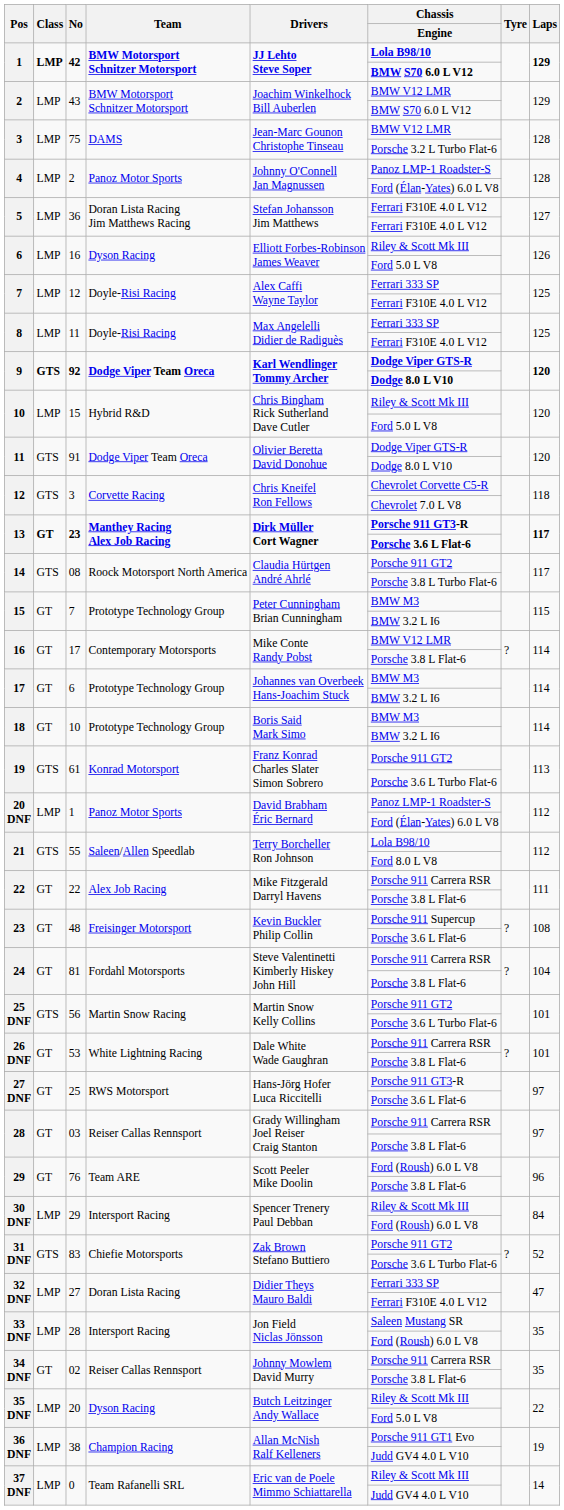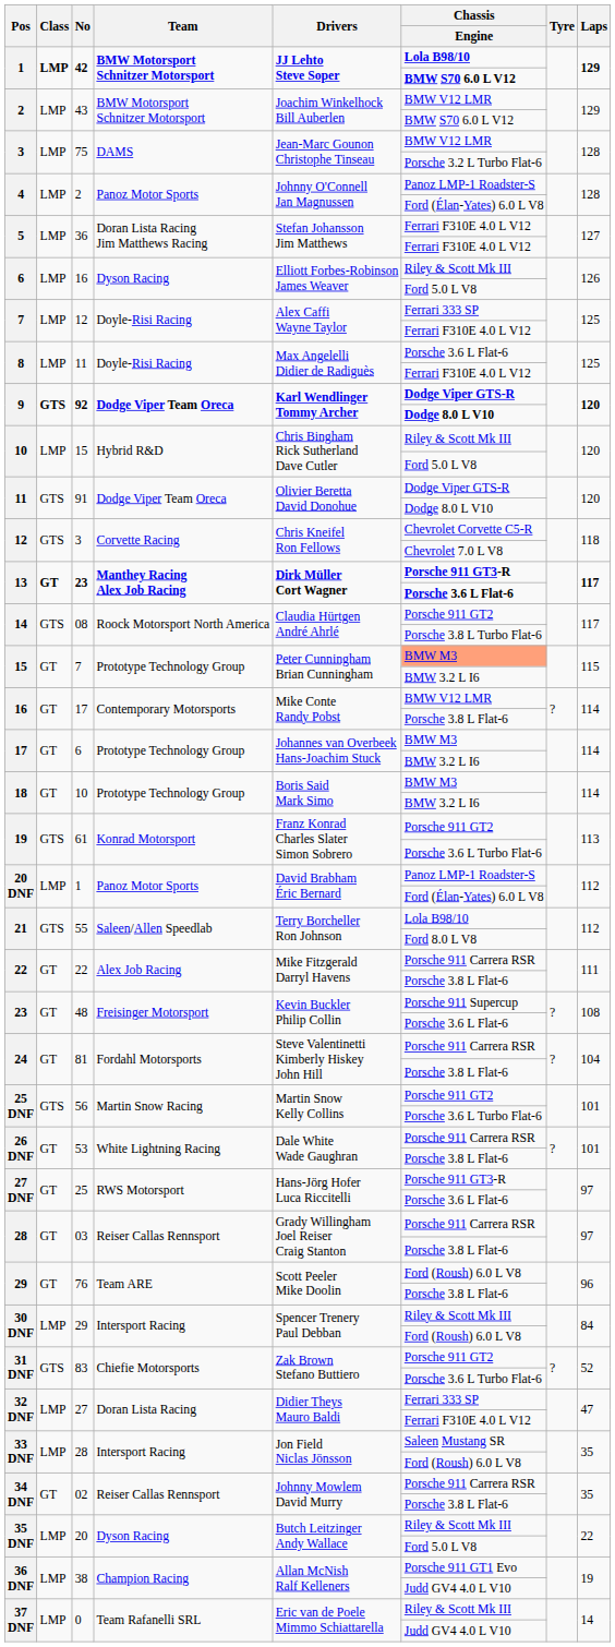 <table class="wikitable" style="font-size: 95%;">
 <tr>
 <th rowspan=2>Pos</th>
 <th rowspan=2>Class</th>
 <th rowspan=2>No</th>
 <th rowspan=2>Team</th>
 <th rowspan=2>Drivers</th>
 <th>Chassis</th>
 <th rowspan=2>Tyre</th>
 <th rowspan=2>Laps</th>
 </tr>
 <tr>
 <th>Engine</th>
 </tr>
 <tr style="font-weight:bold">
 <th rowspan=2>1</th>
 <td rowspan=2>LMP</td>
 <td rowspan=2>42</td>
 <td rowspan=2> <a href='#'>BMW Motorsport</a><br> <a href='#'>Schnitzer Motorsport</a></td>
 <td rowspan=2> <a href='#'>JJ Lehto</a><br> <a href='#'>Steve Soper</a></td>
 <td><a href='#'>Lola B98/10</a></td>
 <td rowspan=2></td>
 <td rowspan=2>129</td>
 </tr>
 <tr style="font-weight:bold">
 <td><a href='#'>BMW</a> <a href='#'>S70</a> 6.0 L V12</td>
 </tr>
 <tr>
 <th rowspan=2>2</th>
 <td rowspan=2>LMP</td>
 <td rowspan=2>43</td>
 <td rowspan=2> <a href='#'>BMW Motorsport</a><br> <a href='#'>Schnitzer Motorsport</a></td>
 <td rowspan=2> <a href='#'>Joachim Winkelhock</a><br> <a href='#'>Bill Auberlen</a></td>
 <td><a href='#'>BMW V12 LMR</a></td>
 <td rowspan=2></td>
 <td rowspan=2>129</td>
 </tr>
 <tr>
 <td><a href='#'>BMW</a> <a href='#'>S70</a> 6.0 L V12</td>
 </tr>
 <tr>
 <th rowspan=2>3</th>
 <td rowspan=2>LMP</td>
 <td rowspan=2>75</td>
 <td rowspan=2> <a href='#'>DAMS</a></td>
 <td rowspan=2> <a href='#'>Jean-Marc Gounon</a><br> <a href='#'>Christophe Tinseau</a></td>
 <td><a href='#'>BMW V12 LMR</a></td>
 <td rowspan=2></td>
 <td rowspan=2>128</td>
 </tr>
 <tr>
 <td><a href='#'>Porsche</a> 3.2 L Turbo Flat-6</td>
 </tr>
 <tr>
 <th rowspan=2>4</th>
 <td rowspan=2>LMP</td>
 <td rowspan=2>2</td>
 <td rowspan=2> <a href='#'>Panoz Motor Sports</a></td>
 <td rowspan=2> <a href='#'>Johnny O'Connell</a><br> <a href='#'>Jan Magnussen</a></td>
 <td><a href='#'>Panoz LMP-1 Roadster-S</a></td>
 <td rowspan=2></td>
 <td rowspan=2>128</td>
 </tr>
 <tr>
 <td><a href='#'>Ford</a> (<a href='#'>Élan</a>-<a href='#'>Yates</a>) 6.0 L V8</td>
 </tr>
 <tr>
 <th rowspan=2>5</th>
 <td rowspan=2>LMP</td>
 <td rowspan=2>36</td>
 <td rowspan=2> Doran Lista Racing<br> Jim Matthews Racing</td>
 <td rowspan=2> <a href='#'>Stefan Johansson</a><br> Jim Matthews</td>
 <td><a href='#'>Ferrari</a> F310E 4.0 L V12</td>
 <td rowspan=2></td>
 <td rowspan=2>127</td>
 </tr>
 <tr>
 <td><a href='#'>Ferrari</a> F310E 4.0 L V12</td>
 </tr>
 <tr>
 <th rowspan=2>6</th>
 <td rowspan=2>LMP</td>
 <td rowspan=2>16</td>
 <td rowspan=2> <a href='#'>Dyson Racing</a></td>
 <td rowspan=2> <a href='#'>Elliott Forbes-Robinson</a><br> <a href='#'>James Weaver</a></td>
 <td><a href='#'>Riley & Scott Mk III</a></td>
 <td rowspan=2></td>
 <td rowspan=2>126</td>
 </tr>
 <tr>
 <td><a href='#'>Ford</a> 5.0 L V8</td>
 </tr>
 <tr>
 <th rowspan=2>7</th>
 <td rowspan=2>LMP</td>
 <td rowspan=2>12</td>
 <td rowspan=2> Doyle-<a href='#'>Risi Racing</a></td>
 <td rowspan=2> <a href='#'>Alex Caffi</a><br> <a href='#'>Wayne Taylor</a></td>
 <td><a href='#'>Ferrari 333 SP</a></td>
 <td rowspan=2></td>
 <td rowspan=2>125</td>
 </tr>
 <tr>
 <td><a href='#'>Ferrari</a> F310E 4.0 L V12</td>
 </tr>
 <tr>
 <th rowspan=2>8</th>
 <td rowspan=2>LMP</td>
 <td rowspan=2>11</td>
 <td rowspan=2> Doyle-<a href='#'>Risi Racing</a></td>
 <td rowspan=2> <a href='#'>Max Angelelli</a><br> <a href='#'>Didier de Radiguès</a></td>
-<td><a href='#'>Ferrari 333 SP</a></td>
+<td><a href='#'>Porsche</a> 3.6 L Flat-6</td>
 <td rowspan=2></td>
 <td rowspan=2>125</td>
 </tr>
 <tr>
 <td><a href='#'>Ferrari</a> F310E 4.0 L V12</td>
 </tr>
 <tr style="font-weight:bold">
 <th rowspan=2>9</th>
 <td rowspan=2>GTS</td>
 <td rowspan=2>92</td>
 <td rowspan=2> <a href='#'>Dodge Viper</a> Team <a href='#'>Oreca</a></td>
 <td rowspan=2> <a href='#'>Karl Wendlinger</a><br> <a href='#'>Tommy Archer</a></td>
 <td><a href='#'>Dodge Viper GTS-R</a></td>
 <td rowspan=2></td>
 <td rowspan=2>120</td>
 </tr>
 <tr style="font-weight:bold">
 <td><a href='#'>Dodge</a> 8.0 L V10</td>
 </tr>
 <tr>
 <th rowspan=2>10</th>
 <td rowspan=2>LMP</td>
 <td rowspan=2>15</td>
 <td rowspan=2> Hybrid R&D</td>
 <td rowspan=2> <a href='#'>Chris Bingham</a><br> Rick Sutherland<br> Dave Cutler</td>
 <td><a href='#'>Riley & Scott Mk III</a></td>
 <td rowspan=2></td>
 <td rowspan=2>120</td>
 </tr>
 <tr>
 <td><a href='#'>Ford</a> 5.0 L V8</td>
 </tr>
 <tr>
 <th rowspan=2>11</th>
 <td rowspan=2>GTS</td>
 <td rowspan=2>91</td>
 <td rowspan=2> <a href='#'>Dodge Viper</a> Team <a href='#'>Oreca</a></td>
 <td rowspan=2> <a href='#'>Olivier Beretta</a><br> <a href='#'>David Donohue</a></td>
 <td><a href='#'>Dodge Viper GTS-R</a></td>
 <td rowspan=2></td>
 <td rowspan=2>120</td>
 </tr>
 <tr>
 <td><a href='#'>Dodge</a> 8.0 L V10</td>
 </tr>
 <tr>
 <th rowspan=2>12</th>
 <td rowspan=2>GTS</td>
 <td rowspan=2>3</td>
 <td rowspan=2> <a href='#'>Corvette Racing</a></td>
 <td rowspan=2> <a href='#'>Chris Kneifel</a><br> <a href='#'>Ron Fellows</a></td>
 <td><a href='#'>Chevrolet Corvette C5-R</a></td>
 <td rowspan=2></td>
 <td rowspan=2>118</td>
 </tr>
 <tr>
 <td><a href='#'>Chevrolet</a> 7.0 L V8</td>
 </tr>
 <tr style="font-weight:bold">
 <th rowspan=2>13</th>
 <td rowspan=2>GT</td>
 <td rowspan=2>23</td>
 <td rowspan=2> <a href='#'>Manthey Racing</a><br> <a href='#'>Alex Job Racing</a></td>
 <td rowspan=2> <a href='#'>Dirk Müller</a><br> Cort Wagner</td>
 <td><a href='#'>Porsche 911 GT3</a>-R</td>
 <td rowspan=2></td>
 <td rowspan=2>117</td>
 </tr>
 <tr style="font-weight:bold">
 <td><a href='#'>Porsche</a> 3.6 L Flat-6</td>
 </tr>
 <tr>
 <th rowspan=2>14</th>
 <td rowspan=2>GTS</td>
 <td rowspan=2>08</td>
 <td rowspan=2> Roock Motorsport North America</td>
 <td rowspan=2> <a href='#'>Claudia Hürtgen</a><br> <a href='#'>André Ahrlé</a></td>
 <td><a href='#'>Porsche 911 GT2</a></td>
 <td rowspan=2></td>
 <td rowspan=2>117</td>
 </tr>
 <tr>
 <td><a href='#'>Porsche</a> 3.8 L Turbo Flat-6</td>
 </tr>
 <tr>
 <th rowspan=2>15</th>
 <td rowspan=2>GT</td>
 <td rowspan=2>7</td>
 <td rowspan=2> Prototype Technology Group</td>
 <td rowspan=2> <a href='#'>Peter Cunningham</a><br> Brian Cunningham</td>
-<td><a href='#'>BMW M3</a></td>
+<td style="background: lightsalmon;"><a href='#'>BMW M3</a></td>
 <td rowspan=2></td>
 <td rowspan=2>115</td>
 </tr>
 <tr>
 <td><a href='#'>BMW</a> 3.2 L I6</td>
 </tr>
 <tr>
 <th rowspan=2>16</th>
 <td rowspan=2>GT</td>
 <td rowspan=2>17</td>
 <td rowspan=2> Contemporary Motorsports</td>
 <td rowspan=2> Mike Conte<br> <a href='#'>Randy Pobst</a></td>
 <td><a href='#'>BMW V12 LMR</a></td>
 <td rowspan=2>?</td>
 <td rowspan=2>114</td>
 </tr>
 <tr>
 <td><a href='#'>Porsche</a> 3.8 L Flat-6</td>
 </tr>
 <tr>
 <th rowspan=2>17</th>
 <td rowspan=2>GT</td>
 <td rowspan=2>6</td>
 <td rowspan=2> Prototype Technology Group</td>
 <td rowspan=2> <a href='#'>Johannes van Overbeek</a><br> <a href='#'>Hans-Joachim Stuck</a></td>
 <td><a href='#'>BMW M3</a></td>
 <td rowspan=2></td>
 <td rowspan=2>114</td>
 </tr>
 <tr>
 <td><a href='#'>BMW</a> 3.2 L I6</td>
 </tr>
 <tr>
 <th rowspan=2>18</th>
 <td rowspan=2>GT</td>
 <td rowspan=2>10</td>
 <td rowspan=2> Prototype Technology Group</td>
 <td rowspan=2> <a href='#'>Boris Said</a><br> <a href='#'>Mark Simo</a></td>
 <td><a href='#'>BMW M3</a></td>
 <td rowspan=2></td>
 <td rowspan=2>114</td>
 </tr>
 <tr>
 <td><a href='#'>BMW</a> 3.2 L I6</td>
 </tr>
 <tr>
 <th rowspan=2>19</th>
 <td rowspan=2>GTS</td>
 <td rowspan=2>61</td>
 <td rowspan=2> <a href='#'>Konrad Motorsport</a></td>
 <td rowspan=2> <a href='#'>Franz Konrad</a><br> Charles Slater<br> Simon Sobrero</td>
 <td><a href='#'>Porsche 911 GT2</a></td>
 <td rowspan=2></td>
 <td rowspan=2>113</td>
 </tr>
 <tr>
 <td><a href='#'>Porsche</a> 3.6 L Turbo Flat-6</td>
 </tr>
 <tr>
 <th rowspan=2>20<br>DNF</th>
 <td rowspan=2>LMP</td>
 <td rowspan=2>1</td>
 <td rowspan=2> <a href='#'>Panoz Motor Sports</a></td>
 <td rowspan=2> <a href='#'>David Brabham</a><br> <a href='#'>Éric Bernard</a></td>
 <td><a href='#'>Panoz LMP-1 Roadster-S</a></td>
 <td rowspan=2></td>
 <td rowspan=2>112</td>
 </tr>
 <tr>
 <td><a href='#'>Ford</a> (<a href='#'>Élan</a>-<a href='#'>Yates</a>) 6.0 L V8</td>
 </tr>
 <tr>
 <th rowspan=2>21</th>
 <td rowspan=2>GTS</td>
 <td rowspan=2>55</td>
 <td rowspan=2> <a href='#'>Saleen</a>/<a href='#'>Allen</a> Speedlab</td>
 <td rowspan=2> <a href='#'>Terry Borcheller</a><br> Ron Johnson</td>
 <td><a href='#'>Lola B98/10</a></td>
 <td rowspan=2></td>
 <td rowspan=2>112</td>
 </tr>
 <tr>
 <td><a href='#'>Ford</a> 8.0 L V8</td>
 </tr>
 <tr>
 <th rowspan=2>22</th>
 <td rowspan=2>GT</td>
 <td rowspan=2>22</td>
 <td rowspan=2> <a href='#'>Alex Job Racing</a></td>
 <td rowspan=2> Mike Fitzgerald<br> Darryl Havens</td>
 <td><a href='#'>Porsche 911</a> Carrera RSR</td>
 <td rowspan=2></td>
 <td rowspan=2>111</td>
 </tr>
 <tr>
 <td><a href='#'>Porsche</a> 3.8 L Flat-6</td>
 </tr>
 <tr>
 <th rowspan=2>23</th>
 <td rowspan=2>GT</td>
 <td rowspan=2>48</td>
 <td rowspan=2> <a href='#'>Freisinger Motorsport</a></td>
 <td rowspan=2> <a href='#'>Kevin Buckler</a><br> Philip Collin</td>
 <td><a href='#'>Porsche 911</a> Supercup</td>
 <td rowspan=2>?</td>
 <td rowspan=2>108</td>
 </tr>
 <tr>
 <td><a href='#'>Porsche</a> 3.6 L Flat-6</td>
 </tr>
 <tr>
 <th rowspan=2>24</th>
 <td rowspan=2>GT</td>
 <td rowspan=2>81</td>
 <td rowspan=2> Fordahl Motorsports</td>
 <td rowspan=2> Steve Valentinetti<br> Kimberly Hiskey<br> John Hill</td>
 <td><a href='#'>Porsche 911</a> Carrera RSR</td>
 <td rowspan=2>?</td>
 <td rowspan=2>104</td>
 </tr>
 <tr>
 <td><a href='#'>Porsche</a> 3.8 L Flat-6</td>
 </tr>
 <tr>
 <th rowspan=2>25<br>DNF</th>
 <td rowspan=2>GTS</td>
 <td rowspan=2>56</td>
 <td rowspan=2> Martin Snow Racing</td>
 <td rowspan=2> Martin Snow<br> Kelly Collins</td>
 <td><a href='#'>Porsche 911 GT2</a></td>
 <td rowspan=2></td>
 <td rowspan=2>101</td>
 </tr>
 <tr>
 <td><a href='#'>Porsche</a> 3.6 L Turbo Flat-6</td>
 </tr>
 <tr>
 <th rowspan=2>26<br>DNF</th>
 <td rowspan=2>GT</td>
 <td rowspan=2>53</td>
 <td rowspan=2> White Lightning Racing</td>
 <td rowspan=2> Dale White<br> Wade Gaughran</td>
 <td><a href='#'>Porsche 911</a> Carrera RSR</td>
 <td rowspan=2>?</td>
 <td rowspan=2>101</td>
 </tr>
 <tr>
 <td><a href='#'>Porsche</a> 3.8 L Flat-6</td>
 </tr>
 <tr>
 <th rowspan=2>27<br>DNF</th>
 <td rowspan=2>GT</td>
 <td rowspan=2>25</td>
 <td rowspan=2> RWS Motorsport</td>
 <td rowspan=2> Hans-Jörg Hofer<br> Luca Riccitelli</td>
 <td><a href='#'>Porsche 911 GT3</a>-R</td>
 <td rowspan=2></td>
 <td rowspan=2>97</td>
 </tr>
 <tr>
 <td><a href='#'>Porsche</a> 3.6 L Flat-6</td>
 </tr>
 <tr>
 <th rowspan=2>28</th>
 <td rowspan=2>GT</td>
 <td rowspan=2>03</td>
 <td rowspan=2> Reiser Callas Rennsport</td>
 <td rowspan=2> Grady Willingham<br> Joel Reiser<br> Craig Stanton</td>
 <td><a href='#'>Porsche 911</a> Carrera RSR</td>
 <td rowspan=2></td>
 <td rowspan=2>97</td>
 </tr>
 <tr>
 <td><a href='#'>Porsche</a> 3.8 L Flat-6</td>
 </tr>
 <tr>
 <th rowspan=2>29</th>
 <td rowspan=2>GT</td>
 <td rowspan=2>76</td>
 <td rowspan=2> Team ARE</td>
 <td rowspan=2> Scott Peeler<br> Mike Doolin</td>
 <td><a href='#'>Ford</a> (<a href='#'>Roush</a>) 6.0 L V8</td>
 <td rowspan=2></td>
 <td rowspan=2>96</td>
 </tr>
 <tr>
 <td><a href='#'>Porsche</a> 3.8 L Flat-6</td>
 </tr>
 <tr>
 <th rowspan=2>30<br>DNF</th>
 <td rowspan=2>LMP</td>
 <td rowspan=2>29</td>
 <td rowspan=2> Intersport Racing</td>
 <td rowspan=2> Spencer Trenery<br> Paul Debban</td>
 <td><a href='#'>Riley & Scott Mk III</a></td>
 <td rowspan=2></td>
 <td rowspan=2>84</td>
 </tr>
 <tr>
 <td><a href='#'>Ford</a> (<a href='#'>Roush</a>) 6.0 L V8</td>
 </tr>
 <tr>
 <th rowspan=2>31<br>DNF</th>
 <td rowspan=2>GTS</td>
 <td rowspan=2>83</td>
 <td rowspan=2> Chiefie Motorsports</td>
 <td rowspan=2> <a href='#'>Zak Brown</a><br> Stefano Buttiero</td>
 <td><a href='#'>Porsche 911 GT2</a></td>
 <td rowspan=2>?</td>
 <td rowspan=2>52</td>
 </tr>
 <tr>
 <td><a href='#'>Porsche</a> 3.6 L Turbo Flat-6</td>
 </tr>
 <tr>
 <th rowspan=2>32<br>DNF</th>
 <td rowspan=2>LMP</td>
 <td rowspan=2>27</td>
 <td rowspan=2> Doran Lista Racing</td>
 <td rowspan=2> <a href='#'>Didier Theys</a><br> <a href='#'>Mauro Baldi</a></td>
 <td><a href='#'>Ferrari 333 SP</a></td>
 <td rowspan=2></td>
 <td rowspan=2>47</td>
 </tr>
 <tr>
 <td><a href='#'>Ferrari</a> F310E 4.0 L V12</td>
 </tr>
 <tr>
 <th rowspan=2>33<br>DNF</th>
 <td rowspan=2>LMP</td>
 <td rowspan=2>28</td>
 <td rowspan=2> Intersport Racing</td>
 <td rowspan=2> Jon Field<br> <a href='#'>Niclas Jönsson</a></td>
 <td><a href='#'>Saleen</a> <a href='#'>Mustang</a> SR</td>
 <td rowspan=2></td>
 <td rowspan=2>35</td>
 </tr>
 <tr>
 <td><a href='#'>Ford</a> (<a href='#'>Roush</a>) 6.0 L V8</td>
 </tr>
 <tr>
 <th rowspan=2>34<br>DNF</th>
 <td rowspan=2>GT</td>
 <td rowspan=2>02</td>
 <td rowspan=2> Reiser Callas Rennsport</td>
 <td rowspan=2> <a href='#'>Johnny Mowlem</a><br> David Murry</td>
 <td><a href='#'>Porsche 911</a> Carrera RSR</td>
 <td rowspan=2></td>
 <td rowspan=2>35</td>
 </tr>
 <tr>
 <td><a href='#'>Porsche</a> 3.8 L Flat-6</td>
 </tr>
 <tr>
 <th rowspan=2>35<br>DNF</th>
 <td rowspan=2>LMP</td>
 <td rowspan=2>20</td>
 <td rowspan=2> <a href='#'>Dyson Racing</a></td>
 <td rowspan=2> <a href='#'>Butch Leitzinger</a><br> <a href='#'>Andy Wallace</a></td>
 <td><a href='#'>Riley & Scott Mk III</a></td>
 <td rowspan=2></td>
 <td rowspan=2>22</td>
 </tr>
 <tr>
 <td><a href='#'>Ford</a> 5.0 L V8</td>
 </tr>
 <tr>
 <th rowspan=2>36<br>DNF</th>
 <td rowspan=2>LMP</td>
 <td rowspan=2>38</td>
 <td rowspan=2> <a href='#'>Champion Racing</a></td>
 <td rowspan=2> <a href='#'>Allan McNish</a><br> <a href='#'>Ralf Kelleners</a></td>
 <td><a href='#'>Porsche 911 GT1</a> Evo</td>
 <td rowspan=2></td>
 <td rowspan=2>19</td>
 </tr>
 <tr>
 <td><a href='#'>Judd</a> GV4 4.0 L V10</td>
 </tr>
 <tr>
 <th rowspan=2>37<br>DNF</th>
 <td rowspan=2>LMP</td>
 <td rowspan=2>0</td>
 <td rowspan=2> Team Rafanelli SRL</td>
 <td rowspan=2> <a href='#'>Eric van de Poele</a><br> <a href='#'>Mimmo Schiattarella</a></td>
 <td><a href='#'>Riley & Scott Mk III</a></td>
 <td rowspan=2></td>
 <td rowspan=2>14</td>
 </tr>
 <tr>
 <td><a href='#'>Judd</a> GV4 4.0 L V10</td>
 </tr>
 </table>
